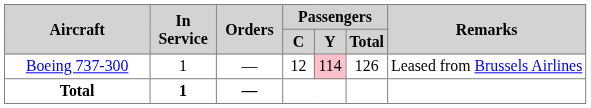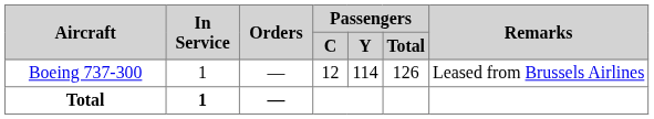 <table class="toccolours" border="1" cellpadding="3" style="margin:1em auto; border-collapse:collapse;text-align:center">
 <tr style="background:lightgray;">
 <th rowspan="2" style="width:140px;">Aircraft</th>
 <th rowspan="2" style="width:60px;">In Service</th>
 <th rowspan="2" style="width:60px;">Orders</th>
 <th colspan="3" class="unsortable">Passengers</th>
 <th rowspan="2">Remarks</th>
 </tr>
 <tr style="background:lightgray;">
 <th style="width:25px;">C</th>
 <th style="width:25px;">Y</th>
 <th style="width:25px;">Total</th>
 </tr>
 <tr>
 <td><a href='#'>Boeing 737-300</a></td>
 <td>1</td>
 <td>—</td>
 <td>12</td>
-<td style="background: pink;">114</td>
+<td>114</td>
 <td>126</td>
 <td>Leased from <a href='#'>Brussels Airlines</a></td>
 </tr>
 <tr>
 <th>Total</th>
 <th>1</th>
 <th>—</th>
 <th colspan="2"></th>
 <th></th>
 <th></th>
 </tr>
 </table>
